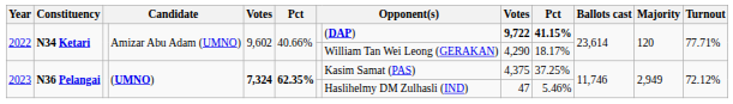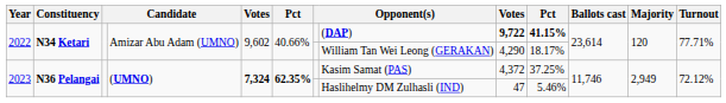 <table class="wikitable" style="margin:0.5em ; font-size:95%">
 <tr>
 <th>Year</th>
 <th>Constituency</th>
 <th colspan="2">Candidate</th>
 <th>Votes</th>
 <th>Pct</th>
 <th colspan="2">Opponent(s)</th>
 <th>Votes</th>
 <th>Pct</th>
 <th>Ballots cast</th>
 <th>Majority</th>
 <th>Turnout</th>
 </tr>
 <tr>
 <td rowspan=2><a href='#'>2022</a></td>
 <td rowspan=2><strong>N34 <a href='#'>Ketari</a></strong></td>
 <td rowspan=2 ></td>
 <td rowspan=2>Amizar Abu Adam (<a href='#'>UMNO</a>)</td>
 <td rowspan=2 align=right>9,602</td>
 <td rowspan=2>40.66%</td>
 <td></td>
 <td> (<a href='#'><strong>DAP</strong></a>)</td>
 <td align=right><strong>9,722</strong></td>
 <td><strong>41.15%</strong></td>
 <td rowspan=2>23,614</td>
 <td rowspan=2>120</td>
 <td rowspan=2>77.71%</td>
 </tr>
 <tr>
 <td></td>
 <td>William Tan Wei Leong (<a href='#'>GERAKAN</a>)</td>
 <td align=right>4,290</td>
 <td>18.17%</td>
 </tr>
 <tr>
 <td rowspan=2><a href='#'>2023</a></td>
 <td rowspan=2><strong>N36 <a href='#'>Pelangai</a></strong></td>
 <td rowspan=2 ></td>
 <td rowspan=2> (<a href='#'><strong>UMNO</strong></a>)</td>
 <td rowspan=2 align=right><strong>7,324</strong></td>
 <td rowspan=2><strong>62.35%</strong></td>
 <td></td>
 <td>Kasim Samat (<a href='#'>PAS</a>)</td>
-<td align=right>4,375</td>
+<td align=right>4,372</td>
 <td>37.25%</td>
 <td rowspan=2>11,746</td>
 <td rowspan=2>2,949</td>
 <td rowspan=2>72.12%</td>
 </tr>
 <tr>
 <td></td>
 <td>Haslihelmy DM Zulhasli (<a href='#'>IND</a>)</td>
 <td align=right>47</td>
 <td align=right>5.46%</td>
 </tr>
 </table>
